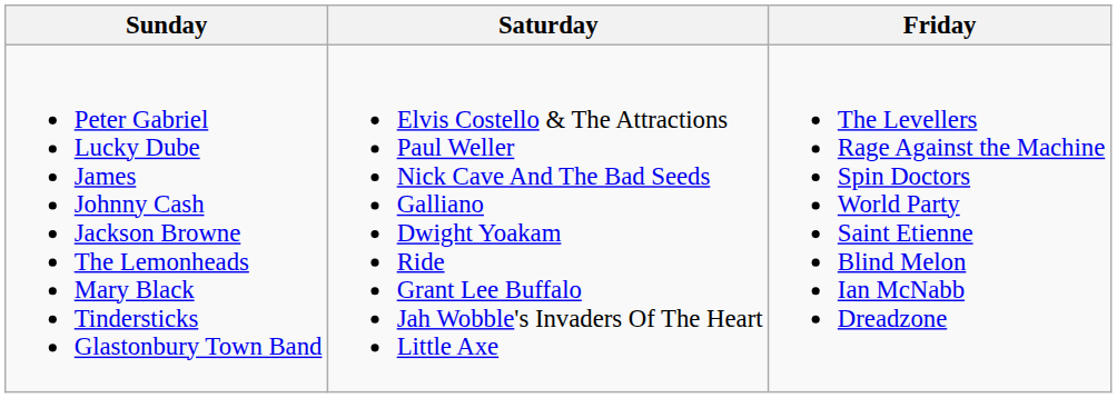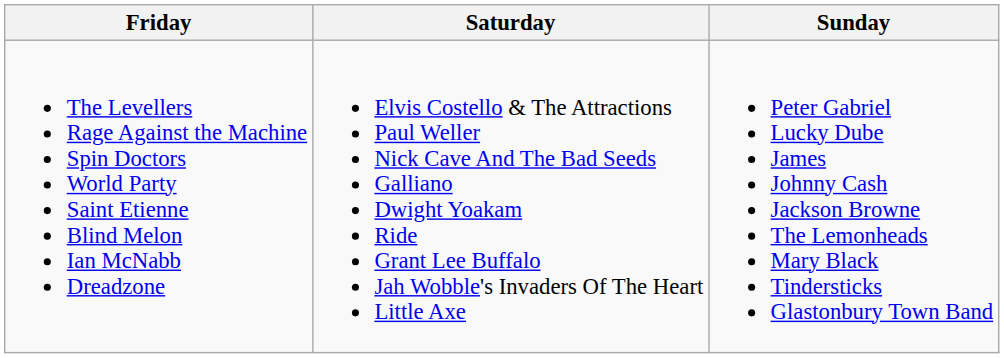 <table class="wikitable">
 <tr>
+<th>Friday</th>
+<th>Saturday</th>
 <th>Sunday</th>
-<th>Saturday</th>
-<th>Friday</th>
 </tr>
 <tr valign="top">
+<td><br><ul><li><a href='#'>The Levellers</a></li><li><a href='#'>Rage Against the Machine</a></li><li><a href='#'>Spin Doctors</a></li><li><a href='#'>World Party</a></li><li><a href='#'>Saint Etienne</a></li><li><a href='#'>Blind Melon</a></li><li><a href='#'>Ian McNabb</a></li><li><a href='#'>Dreadzone</a></li></ul></td>
+<td><br><ul><li><a href='#'>Elvis Costello</a> & The Attractions</li><li><a href='#'>Paul Weller</a></li><li><a href='#'>Nick Cave And The Bad Seeds</a></li><li><a href='#'>Galliano</a></li><li><a href='#'>Dwight Yoakam</a></li><li><a href='#'>Ride</a></li><li><a href='#'>Grant Lee Buffalo</a></li><li><a href='#'>Jah Wobble</a>'s Invaders Of The Heart</li><li><a href='#'>Little Axe</a></li></ul></td>
 <td><br><ul><li><a href='#'>Peter Gabriel</a></li><li><a href='#'>Lucky Dube</a></li><li><a href='#'>James</a></li><li><a href='#'>Johnny Cash</a></li><li><a href='#'>Jackson Browne</a></li><li><a href='#'>The Lemonheads</a></li><li><a href='#'>Mary Black</a></li><li><a href='#'>Tindersticks</a></li><li><a href='#'>Glastonbury Town Band</a></li></ul></td>
-<td><br><ul><li><a href='#'>Elvis Costello</a> & The Attractions</li><li><a href='#'>Paul Weller</a></li><li><a href='#'>Nick Cave And The Bad Seeds</a></li><li><a href='#'>Galliano</a></li><li><a href='#'>Dwight Yoakam</a></li><li><a href='#'>Ride</a></li><li><a href='#'>Grant Lee Buffalo</a></li><li><a href='#'>Jah Wobble</a>'s Invaders Of The Heart</li><li><a href='#'>Little Axe</a></li></ul></td>
-<td><br><ul><li><a href='#'>The Levellers</a></li><li><a href='#'>Rage Against the Machine</a></li><li><a href='#'>Spin Doctors</a></li><li><a href='#'>World Party</a></li><li><a href='#'>Saint Etienne</a></li><li><a href='#'>Blind Melon</a></li><li><a href='#'>Ian McNabb</a></li><li><a href='#'>Dreadzone</a></li></ul></td>
 </tr>
 </table>
